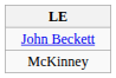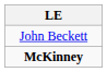 <table class="wikitable" width="120px">
 <tr>
 <th>LE</th>
 </tr>
 <tr>
 <td align="center"><a href='#'>John Beckett</a></td>
 </tr>
 <tr>
-<td align="center">McKinney</td>
+<td align="center"><strong>McKinney</strong></td>
 </tr>
 </table>
